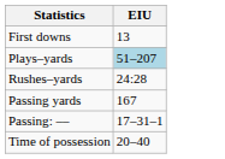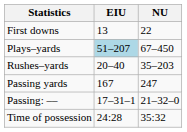 <table class="wikitable" style="float:left">
 <tr>
 <th>Statistics</th>
 <th>EIU</th>
+<th>NU</th>
 </tr>
 <tr>
 <td>First downs</td>
 <td>13</td>
+<td>22</td>
 </tr>
 <tr>
 <td>Plays–yards</td>
 <td style="background: lightblue;">51–207</td>
+<td>67–450</td>
 </tr>
 <tr>
 <td>Rushes–yards</td>
-<td>24:28</td>
+<td>20–40</td>
+<td>35–203</td>
 </tr>
 <tr>
 <td>Passing yards</td>
 <td>167</td>
+<td>247</td>
 </tr>
 <tr>
 <td>Passing: ––</td>
 <td>17–31–1</td>
+<td>21–32–0</td>
 </tr>
 <tr>
 <td>Time of possession</td>
-<td>20–40</td>
+<td>24:28</td>
+<td>35:32</td>
 </tr>
 </table>
